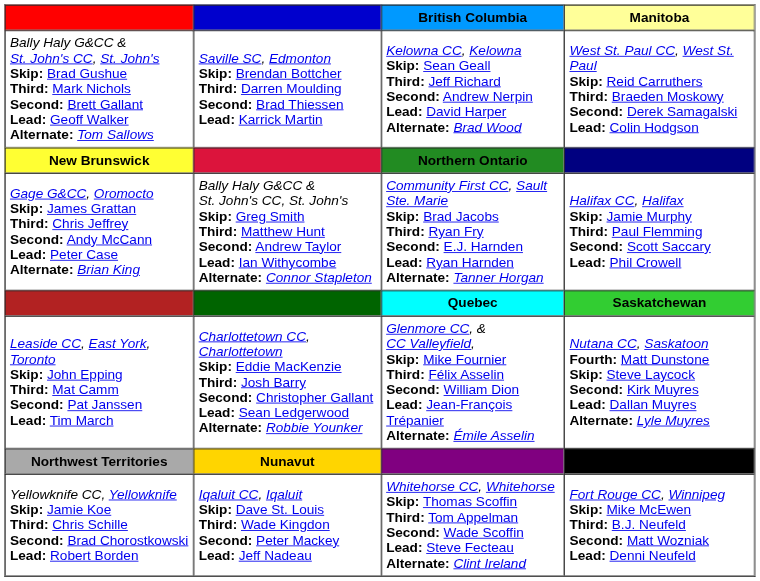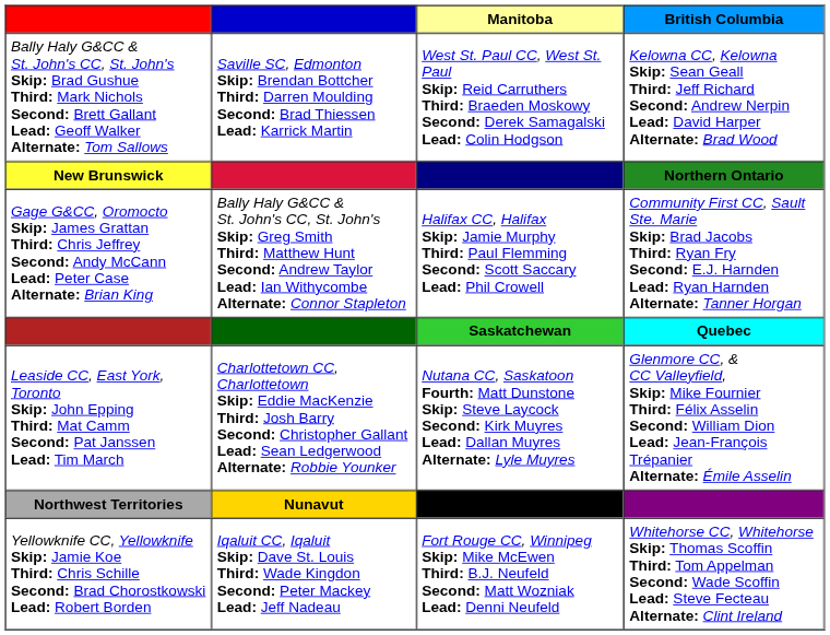 <table border=1 cellpadding=5 cellspacing=0>
 <tr>
 <th bgcolor="#FF0000" width="250"> </th>
 <th bgcolor="#0000CD" width="250"> </th>
+<th bgcolor="#FFFF99" width="250"> Manitoba</th>
 <th bgcolor="#0099FF" width="250"> British Columbia</th>
-<th bgcolor="#FFFF99" width="250"> Manitoba</th>
 </tr>
 <tr>
 <td><em>Bally Haly G&CC &<br><a href='#'>St. John's CC</a>, <a href='#'>St. John's</a></em><br><strong>Skip:</strong> <a href='#'>Brad Gushue</a><br> <strong>Third:</strong> <a href='#'>Mark Nichols</a><br> <strong>Second:</strong> <a href='#'>Brett Gallant</a><br> <strong>Lead:</strong> <a href='#'>Geoff Walker</a><br> <strong>Alternate:</strong> <em><a href='#'>Tom Sallows</a></em></td>
 <td><em><a href='#'>Saville SC</a>, <a href='#'>Edmonton</a></em><br><strong>Skip:</strong> <a href='#'>Brendan Bottcher</a><br> <strong>Third:</strong> <a href='#'>Darren Moulding</a><br> <strong>Second:</strong> <a href='#'>Brad Thiessen</a><br> <strong>Lead:</strong> <a href='#'>Karrick Martin</a></td>
+<td><em><a href='#'>West St. Paul CC</a>, <a href='#'>West St. Paul</a></em><br><strong>Skip:</strong> <a href='#'>Reid Carruthers</a><br> <strong>Third:</strong> <a href='#'>Braeden Moskowy</a><br> <strong>Second:</strong> <a href='#'>Derek Samagalski</a><br> <strong>Lead:</strong> <a href='#'>Colin Hodgson</a></td>
 <td><em><a href='#'>Kelowna CC</a>, <a href='#'>Kelowna</a></em><br><strong>Skip:</strong> <a href='#'>Sean Geall</a><br> <strong>Third:</strong> <a href='#'>Jeff Richard</a><br> <strong>Second:</strong> <a href='#'>Andrew Nerpin</a><br> <strong>Lead:</strong> <a href='#'>David Harper</a><br> <strong>Alternate:</strong> <em><a href='#'>Brad Wood</a></em></td>
-<td><em><a href='#'>West St. Paul CC</a>, <a href='#'>West St. Paul</a></em><br><strong>Skip:</strong> <a href='#'>Reid Carruthers</a><br> <strong>Third:</strong> <a href='#'>Braeden Moskowy</a><br> <strong>Second:</strong> <a href='#'>Derek Samagalski</a><br> <strong>Lead:</strong> <a href='#'>Colin Hodgson</a></td>
 </tr>
 <tr border=1 cellpadding=5 cellspacing=0>
 <th bgcolor="#FFFF33" width="250"> New Brunswick</th>
 <th bgcolor="#DC143C" width="250"> </th>
+<th bgcolor="#000080" width="250"> </th>
 <th bgcolor="#228B22" width="250"> Northern Ontario</th>
-<th bgcolor="#000080" width="250"> </th>
 </tr>
 <tr>
 <td><em><a href='#'>Gage G&CC</a>, <a href='#'>Oromocto</a></em><br><strong> Skip:</strong> <a href='#'>James Grattan</a><br> <strong>Third:</strong> <a href='#'>Chris Jeffrey</a><br> <strong> Second:</strong> <a href='#'>Andy McCann</a><br> <strong>Lead:</strong> <a href='#'>Peter Case</a><br> <strong>Alternate:</strong> <em><a href='#'>Brian King</a></em></td>
 <td><em>Bally Haly G&CC &<br>St. John's CC, St. John's</em><br><strong> Skip:</strong> <a href='#'>Greg Smith</a><br> <strong>Third:</strong> <a href='#'>Matthew Hunt</a><br> <strong> Second:</strong> <a href='#'>Andrew Taylor</a><br> <strong>Lead:</strong> <a href='#'>Ian Withycombe</a><br> <strong>Alternate:</strong> <em><a href='#'>Connor Stapleton</a></em></td>
+<td><em><a href='#'>Halifax CC</a>, <a href='#'>Halifax</a></em><br><strong>Skip:</strong> <a href='#'>Jamie Murphy</a><br> <strong>Third:</strong> <a href='#'>Paul Flemming</a><br> <strong>Second:</strong> <a href='#'>Scott Saccary</a><br> <strong>Lead:</strong> <a href='#'>Phil Crowell</a></td>
 <td><em><a href='#'>Community First CC</a>, <a href='#'>Sault Ste. Marie</a></em><br><strong>Skip:</strong> <a href='#'>Brad Jacobs</a><br> <strong>Third:</strong> <a href='#'>Ryan Fry</a><br> <strong>Second:</strong> <a href='#'>E.J. Harnden</a><br> <strong>Lead:</strong> <a href='#'>Ryan Harnden</a><br> <strong>Alternate:</strong> <em><a href='#'>Tanner Horgan</a></em></td>
-<td><em><a href='#'>Halifax CC</a>, <a href='#'>Halifax</a></em><br><strong>Skip:</strong> <a href='#'>Jamie Murphy</a><br> <strong>Third:</strong> <a href='#'>Paul Flemming</a><br> <strong>Second:</strong> <a href='#'>Scott Saccary</a><br> <strong>Lead:</strong> <a href='#'>Phil Crowell</a></td>
 </tr>
 <tr border=1 cellpadding=5 cellspacing=0>
 <th bgcolor="#B22222" width="250"> </th>
 <th bgcolor="#006400" width="250"> </th>
+<th bgcolor="#32CD32" width="250"> Saskatchewan</th>
 <th bgcolor="#00FFFF" width="250"> Quebec</th>
-<th bgcolor="#32CD32" width="250"> Saskatchewan</th>
 </tr>
 <tr>
 <td><em><a href='#'>Leaside CC</a>, <a href='#'>East York</a>, <a href='#'>Toronto</a></em><br><strong>Skip:</strong> <a href='#'>John Epping</a><br> <strong>Third:</strong> <a href='#'>Mat Camm</a><br> <strong>Second:</strong> <a href='#'>Pat Janssen</a><br> <strong>Lead:</strong> <a href='#'>Tim March</a></td>
 <td><em><a href='#'>Charlottetown CC</a>, <a href='#'>Charlottetown</a></em><br><strong>Skip:</strong> <a href='#'>Eddie MacKenzie</a><br> <strong>Third:</strong> <a href='#'>Josh Barry</a><br> <strong>Second:</strong> <a href='#'>Christopher Gallant</a><br> <strong>Lead:</strong> <a href='#'>Sean Ledgerwood</a><br> <strong>Alternate:</strong> <em><a href='#'>Robbie Younker</a></em></td>
+<td><em><a href='#'>Nutana CC</a>, <a href='#'>Saskatoon</a></em><br><strong>Fourth:</strong> <a href='#'>Matt Dunstone</a><br> <strong>Skip:</strong> <a href='#'>Steve Laycock</a><br> <strong>Second:</strong> <a href='#'>Kirk Muyres</a><br> <strong>Lead:</strong> <a href='#'>Dallan Muyres</a><br> <strong>Alternate:</strong> <em><a href='#'>Lyle Muyres</a></em></td>
 <td><em><a href='#'>Glenmore CC</a>,  &<br><a href='#'>CC Valleyfield</a>, </em><br><strong>Skip:</strong> <a href='#'>Mike Fournier</a><br> <strong>Third:</strong> <a href='#'>Félix Asselin</a><br> <strong>Second:</strong> <a href='#'>William Dion</a><br> <strong>Lead:</strong> <a href='#'>Jean-François Trépanier</a><br> <strong>Alternate:</strong> <em><a href='#'>Émile Asselin</a></em></td>
-<td><em><a href='#'>Nutana CC</a>, <a href='#'>Saskatoon</a></em><br><strong>Fourth:</strong> <a href='#'>Matt Dunstone</a><br> <strong>Skip:</strong> <a href='#'>Steve Laycock</a><br> <strong>Second:</strong> <a href='#'>Kirk Muyres</a><br> <strong>Lead:</strong> <a href='#'>Dallan Muyres</a><br> <strong>Alternate:</strong> <em><a href='#'>Lyle Muyres</a></em></td>
 </tr>
 <tr border=1 cellpadding=5 cellspacing=0>
 <th bgcolor="#A9A9A9" width="250"> Northwest Territories</th>
 <th bgcolor="#FFDD500" width="250"> Nunavut</th>
+<th bgcolor="#000000" width="250"> </th>
 <th bgcolor="#800080" width="250"> </th>
-<th bgcolor="#000000" width="250"> </th>
 </tr>
 <tr>
 <td><em>Yellowknife CC, <a href='#'>Yellowknife</a></em><br><strong>Skip:</strong> <a href='#'>Jamie Koe</a><br> <strong>Third:</strong> <a href='#'>Chris Schille</a><br> <strong>Second:</strong> <a href='#'>Brad Chorostkowski</a><br> <strong>Lead:</strong> <a href='#'>Robert Borden</a></td>
 <td><em><a href='#'>Iqaluit CC</a>, <a href='#'>Iqaluit</a></em><br><strong>Skip:</strong> <a href='#'>Dave St. Louis</a><br> <strong>Third:</strong> <a href='#'>Wade Kingdon</a><br> <strong>Second:</strong> <a href='#'>Peter Mackey</a><br> <strong>Lead:</strong> <a href='#'>Jeff Nadeau</a></td>
+<td><em><a href='#'>Fort Rouge CC</a>, <a href='#'>Winnipeg</a></em><br><strong>Skip:</strong> <a href='#'>Mike McEwen</a><br> <strong>Third:</strong> <a href='#'>B.J. Neufeld</a><br> <strong>Second:</strong> <a href='#'>Matt Wozniak</a><br> <strong>Lead:</strong> <a href='#'>Denni Neufeld</a></td>
 <td><em><a href='#'>Whitehorse CC</a>, <a href='#'>Whitehorse</a></em><br><strong>Skip:</strong> <a href='#'>Thomas Scoffin</a><br> <strong>Third:</strong> <a href='#'>Tom Appelman</a><br> <strong>Second:</strong> <a href='#'>Wade Scoffin</a><br> <strong>Lead:</strong> <a href='#'>Steve Fecteau</a><br>  <strong>Alternate:</strong> <em><a href='#'>Clint Ireland</a></em></td>
-<td><em><a href='#'>Fort Rouge CC</a>, <a href='#'>Winnipeg</a></em><br><strong>Skip:</strong> <a href='#'>Mike McEwen</a><br> <strong>Third:</strong> <a href='#'>B.J. Neufeld</a><br> <strong>Second:</strong> <a href='#'>Matt Wozniak</a><br> <strong>Lead:</strong> <a href='#'>Denni Neufeld</a></td>
 </tr>
 </table>
